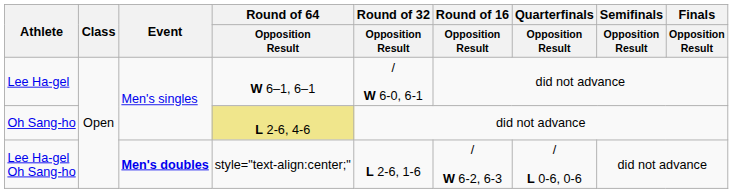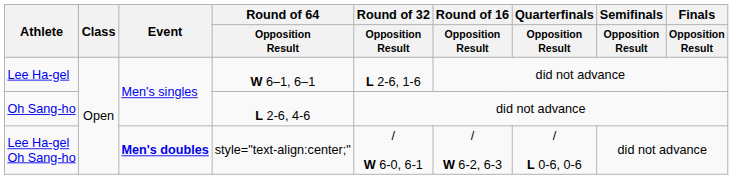 <table class=wikitable style="font-size:90%">
 <tr>
 <th rowspan="2">Athlete</th>
 <th rowspan="2">Class</th>
 <th rowspan="2">Event</th>
 <th>Round of 64</th>
 <th>Round of 32</th>
 <th>Round of 16</th>
 <th>Quarterfinals</th>
 <th>Semifinals</th>
 <th>Finals</th>
 </tr>
 <tr>
 <th style="line-height:1em"><small>Opposition<br>Result</small></th>
 <th style="line-height:1em"><small>Opposition<br>Result</small></th>
 <th style="line-height:1em"><small>Opposition<br>Result</small></th>
 <th style="line-height:1em"><small>Opposition<br>Result</small></th>
 <th style="line-height:1em"><small>Opposition<br>Result</small></th>
 <th style="line-height:1em"><small>Opposition<br>Result</small></th>
 </tr>
 <tr>
 <td><a href='#'>Lee Ha-gel</a></td>
 <td rowspan="3" style="text-align:center;">Open</td>
 <td rowspan="2"><a href='#'>Men's singles</a></td>
 <td style="text-align:center;"><br><strong>W</strong> 6–1, 6–1</td>
-<td style="text-align:center;"> /<br> <br><strong>W</strong> 6-0, 6-1</td>
+<td style="text-align:center;"><br><strong>L</strong> 2-6, 1-6</td>
 <td style="text-align:center;" colspan="4">did not advance</td>
 </tr>
 <tr>
 <td><a href='#'>Oh Sang-ho</a></td>
-<td style="background: khaki; text-align:center;"><br><strong>L</strong> 2-6, 4-6</td>
+<td style="text-align:center;"><br><strong>L</strong> 2-6, 4-6</td>
 <td style="text-align:center;" colspan="5">did not advance</td>
 </tr>
 <tr>
 <td><a href='#'>Lee Ha-gel</a><br> <a href='#'>Oh Sang-ho</a></td>
 <td><strong><a href='#'>Men's doubles</a></strong></td>
 <td>style="text-align:center;" </td>
-<td style="text-align:center;"><br><strong>L</strong> 2-6, 1-6</td>
+<td style="text-align:center;"> /<br> <br><strong>W</strong> 6-0, 6-1</td>
 <td style="text-align:center;"> /<br> <br><strong>W</strong> 6-2, 6-3</td>
 <td style="text-align:center;"> /<br> <br><strong>L</strong> 0-6, 0-6</td>
 <td style="text-align:center;" colspan="2">did not advance</td>
 </tr>
 </table>
